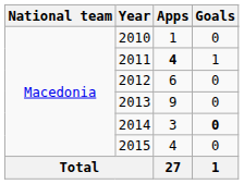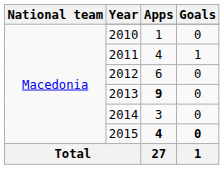 <table class=wikitable style=text-align:center>
 <tr>
 <th>National team</th>
 <th>Year</th>
 <th>Apps</th>
 <th>Goals</th>
 </tr>
 <tr>
 <td rowspan=7><a href='#'>Macedonia</a></td>
 </tr>
 <tr>
 <td>2010</td>
 <td>1</td>
 <td>0</td>
 </tr>
 <tr>
 <td>2011</td>
-<td><strong>4</strong></td>
+<td>4</td>
 <td>1</td>
 </tr>
 <tr>
 <td>2012</td>
 <td>6</td>
 <td>0</td>
 </tr>
 <tr>
 <td>2013</td>
-<td>9</td>
+<td><strong>9</strong></td>
 <td>0</td>
 </tr>
 <tr>
 <td>2014</td>
 <td>3</td>
-<td><strong>0</strong></td>
+<td>0</td>
 </tr>
 <tr>
 <td>2015</td>
-<td>4</td>
-<td>0</td>
+<td><strong>4</strong></td>
+<td><strong>0</strong></td>
 </tr>
 <tr>
 <th colspan=2>Total</th>
 <th>27</th>
 <th>1</th>
 </tr>
 </table>
